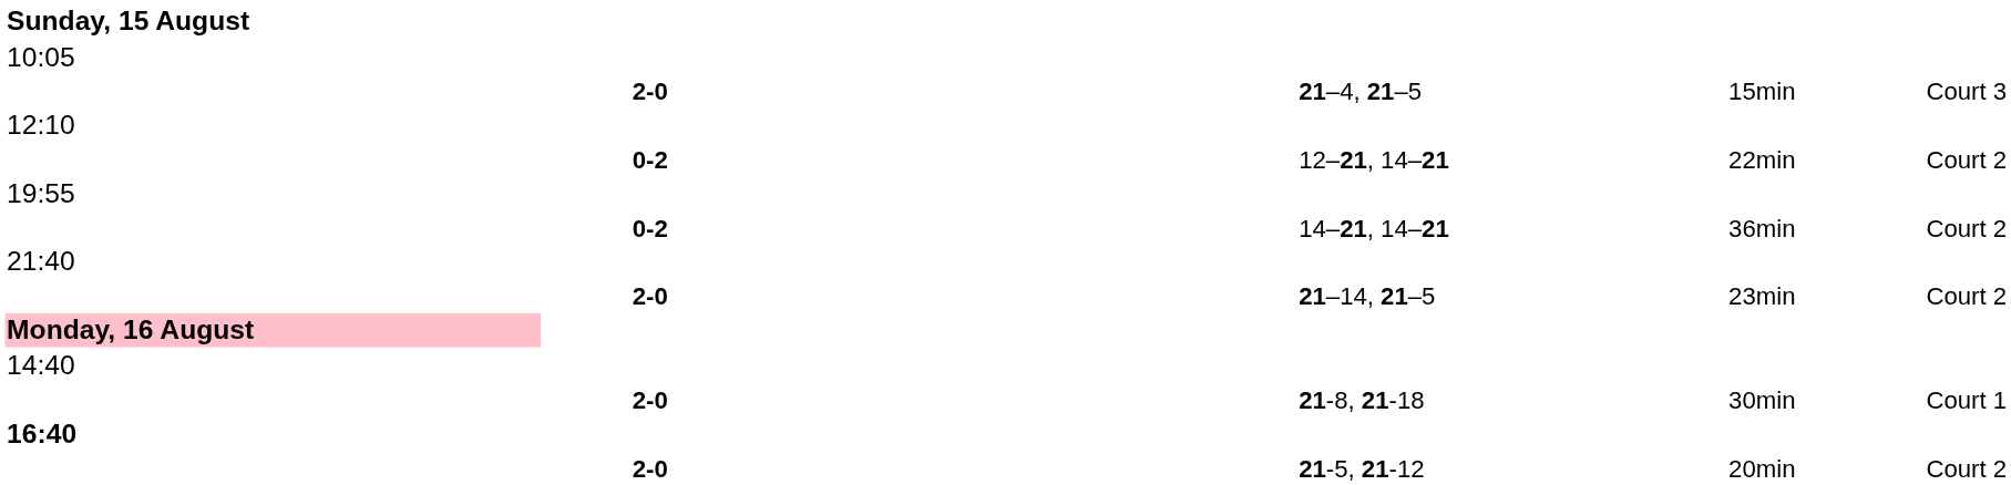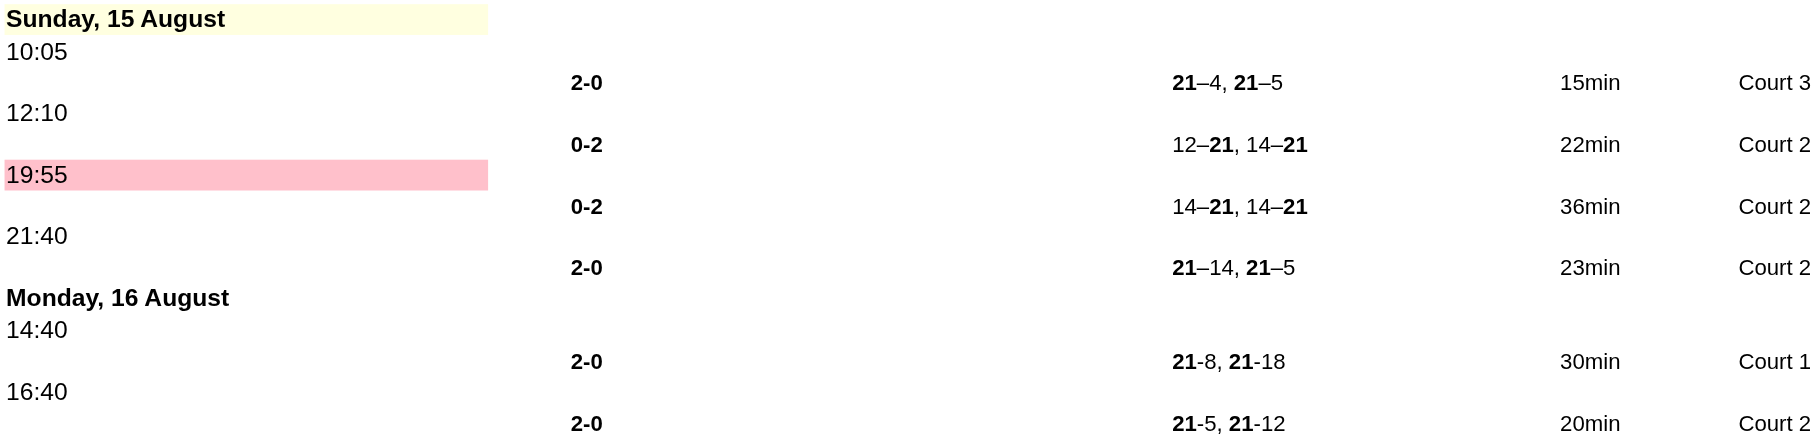 <table style="width:100%;" cellspacing="1">
 <tr>
 <th width=25%></th>
 <th width=10%></th>
 <th width=25%></th>
 </tr>
 <tr>
-<td><strong>Sunday, 15 August</strong></td>
+<td style="background: lightyellow;"><strong>Sunday, 15 August</strong></td>
 </tr>
 <tr>
 <td>10:05</td>
 </tr>
 <tr style=font-size:90%>
 <td align=right><strong></strong></td>
 <td align=center><strong> 2-0 </strong></td>
 <td></td>
 <td><strong>21</strong>–4, <strong>21</strong>–5</td>
 <td>15min</td>
 <td>Court 3</td>
 </tr>
 <tr>
 <td>12:10</td>
 </tr>
 <tr style=font-size:90%>
 <td align=right></td>
 <td align=center><strong> 0-2 </strong></td>
 <td><strong></strong></td>
 <td>12–<strong>21</strong>, 14–<strong>21</strong></td>
 <td>22min</td>
 <td>Court 2</td>
 </tr>
 <tr>
-<td>19:55</td>
+<td style="background: pink;">19:55</td>
 </tr>
 <tr style=font-size:90%>
 <td align=right></td>
 <td align=center><strong> 0-2 </strong></td>
 <td><strong></strong></td>
 <td>14–<strong>21</strong>, 14–<strong>21</strong></td>
 <td>36min</td>
 <td>Court 2</td>
 </tr>
 <tr>
 <td>21:40</td>
 </tr>
 <tr style=font-size:90%>
 <td align=right><strong></strong></td>
 <td align=center><strong> 2-0 </strong></td>
 <td></td>
 <td><strong>21</strong>–14, <strong>21</strong>–5</td>
 <td>23min</td>
 <td>Court 2</td>
 </tr>
 <tr>
-<td style="background: pink;"><strong>Monday, 16 August</strong></td>
+<td><strong>Monday, 16 August</strong></td>
 </tr>
 <tr>
 <td>14:40</td>
 </tr>
 <tr style=font-size:90%>
 <td align=right><strong></strong></td>
 <td align=center><strong> 2-0 </strong></td>
 <td></td>
 <td><strong>21</strong>-8, <strong>21</strong>-18</td>
 <td>30min</td>
 <td>Court 1</td>
 </tr>
 <tr>
-<td><strong>16:40</strong></td>
+<td>16:40</td>
 </tr>
 <tr style=font-size:90%>
 <td align=right><strong></strong></td>
 <td align=center><strong> 2-0 </strong></td>
 <td></td>
 <td><strong>21</strong>-5, <strong>21</strong>-12</td>
 <td>20min</td>
 <td>Court 2</td>
 </tr>
 </table>
